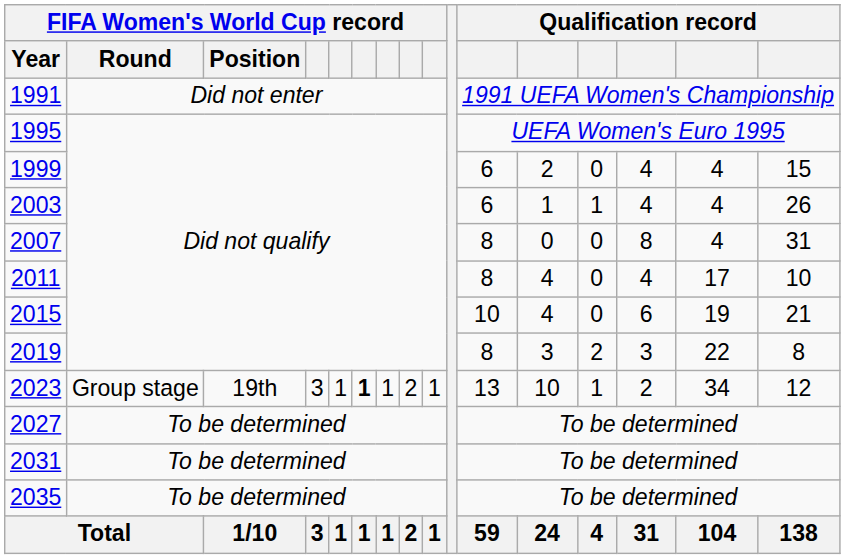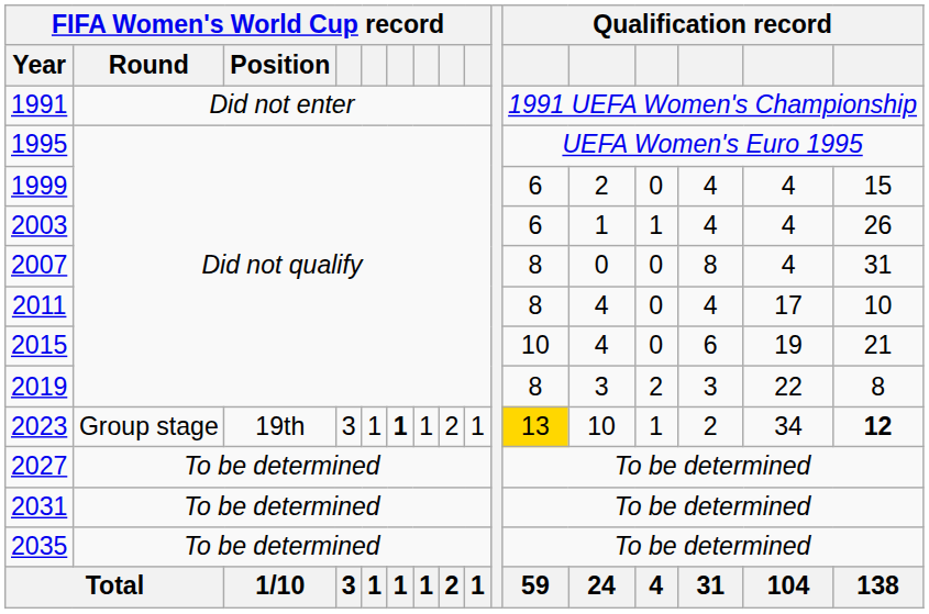 <table class="wikitable" style="text-align: center;">
 <tr>
 <th colspan=9><a href='#'>FIFA Women's World Cup</a> record</th>
 <th rowspan="15"></th>
 <th colspan=6>Qualification record</th>
 </tr>
 <tr>
 <th>Year</th>
 <th>Round</th>
 <th>Position</th>
 <th></th>
 <th></th>
 <th></th>
 <th></th>
 <th></th>
 <th></th>
 <th></th>
 <th></th>
 <th></th>
 <th></th>
 <th></th>
 <th></th>
 </tr>
 <tr>
 <td> <a href='#'>1991</a></td>
 <td colspan=8><em>Did not enter</em></td>
 <td colspan=6><em><a href='#'>1991 UEFA Women's Championship</a></em></td>
 </tr>
 <tr>
 <td> <a href='#'>1995</a></td>
 <td rowspan=7 colspan=8><em>Did not qualify</em></td>
 <td colspan=6><em><a href='#'>UEFA Women's Euro 1995</a></em></td>
 </tr>
 <tr>
 <td> <a href='#'>1999</a></td>
 <td>6</td>
 <td>2</td>
 <td>0</td>
 <td>4</td>
 <td>4</td>
 <td>15</td>
 </tr>
 <tr>
 <td> <a href='#'>2003</a></td>
 <td>6</td>
 <td>1</td>
 <td>1</td>
 <td>4</td>
 <td>4</td>
 <td>26</td>
 </tr>
 <tr>
 <td> <a href='#'>2007</a></td>
 <td>8</td>
 <td>0</td>
 <td>0</td>
 <td>8</td>
 <td>4</td>
 <td>31</td>
 </tr>
 <tr>
 <td> <a href='#'>2011</a></td>
 <td>8</td>
 <td>4</td>
 <td>0</td>
 <td>4</td>
 <td>17</td>
 <td>10</td>
 </tr>
 <tr>
 <td> <a href='#'>2015</a></td>
 <td>10</td>
 <td>4</td>
 <td>0</td>
 <td>6</td>
 <td>19</td>
 <td>21</td>
 </tr>
 <tr>
 <td> <a href='#'>2019</a></td>
 <td>8</td>
 <td>3</td>
 <td>2</td>
 <td>3</td>
 <td>22</td>
 <td>8</td>
 </tr>
 <tr>
 <td> <a href='#'>2023</a></td>
 <td>Group stage</td>
 <td>19th</td>
 <td>3</td>
 <td>1</td>
 <td><strong>1</strong></td>
 <td>1</td>
 <td>2</td>
 <td>1</td>
-<td>13</td>
+<td style="background: gold;">13</td>
 <td>10</td>
 <td>1</td>
 <td>2</td>
 <td>34</td>
-<td>12</td>
+<td><strong>12</strong></td>
 </tr>
 <tr>
 <td> <a href='#'>2027</a></td>
 <td colspan=8><em>To be determined</em></td>
 <td colspan=6><em>To be determined</em></td>
 </tr>
 <tr>
 <td> <a href='#'>2031</a></td>
 <td colspan=8><em>To be determined</em></td>
 <td colspan=6><em>To be determined</em></td>
 </tr>
 <tr>
 <td> <a href='#'>2035</a></td>
 <td colspan=8><em>To be determined</em></td>
 <td colspan=6><em>To be determined</em></td>
 </tr>
 <tr>
 <th colspan=2>Total</th>
 <th>1/10</th>
 <th>3</th>
 <th>1</th>
 <th>1</th>
 <th>1</th>
 <th>2</th>
 <th>1</th>
 <th>59</th>
 <th>24</th>
 <th>4</th>
 <th>31</th>
 <th>104</th>
 <th>138</th>
 </tr>
 </table>
